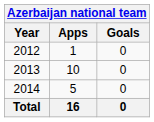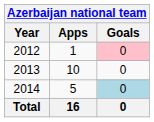 <table class="wikitable" style="text-align:center">
 <tr>
 <th colspan=3><a href='#'>Azerbaijan national team</a></th>
 </tr>
 <tr>
 <th>Year</th>
 <th>Apps</th>
 <th>Goals</th>
 </tr>
 <tr>
 <td>2012</td>
 <td>1</td>
-<td>0</td>
+<td style="background: pink;">0</td>
 </tr>
 <tr>
 <td>2013</td>
 <td>10</td>
 <td>0</td>
 </tr>
 <tr>
 <td>2014</td>
 <td>5</td>
-<td>0</td>
+<td style="background: lightblue;">0</td>
 </tr>
 <tr>
 <th>Total</th>
 <th>16</th>
 <th>0</th>
 </tr>
 </table>
